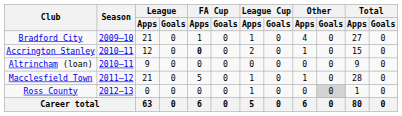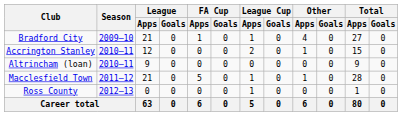 <table class="wikitable" style="text-align: center;">
 <tr>
 <th rowspan="2">Club</th>
 <th rowspan="2">Season</th>
 <th colspan="2">League</th>
 <th colspan="2">FA Cup</th>
 <th colspan="2">League Cup</th>
 <th colspan="2">Other</th>
 <th colspan="2">Total</th>
 </tr>
 <tr>
 <th>Apps</th>
 <th>Goals</th>
 <th>Apps</th>
 <th>Goals</th>
 <th>Apps</th>
 <th>Goals</th>
 <th>Apps</th>
 <th>Goals</th>
 <th>Apps</th>
 <th>Goals</th>
 </tr>
 <tr>
 <td rowspan="1" valign="center"><a href='#'>Bradford City</a></td>
 <td><a href='#'>2009–10</a></td>
 <td>21</td>
 <td>0</td>
 <td>1</td>
 <td>0</td>
 <td>1</td>
 <td>0</td>
 <td>4</td>
 <td>0</td>
 <td>27</td>
 <td>0</td>
 </tr>
 <tr>
 <td rowspan="1" valign="center"><a href='#'>Accrington Stanley</a></td>
 <td><a href='#'>2010–11</a></td>
 <td>12</td>
 <td>0</td>
-<td><strong>0</strong></td>
+<td>0</td>
 <td>0</td>
 <td>2</td>
 <td>0</td>
 <td>1</td>
 <td>0</td>
 <td>15</td>
 <td>0</td>
 </tr>
 <tr>
 <td rowspan="1" valign="center"><a href='#'>Altrincham</a> (loan)</td>
 <td><a href='#'>2010–11</a></td>
 <td>9</td>
 <td>0</td>
 <td>0</td>
 <td>0</td>
 <td>0</td>
 <td>0</td>
 <td>0</td>
 <td>0</td>
 <td>9</td>
 <td>0</td>
 </tr>
 <tr>
 <td rowspan="1" valign="center"><a href='#'>Macclesfield Town</a></td>
 <td><a href='#'>2011–12</a></td>
 <td>21</td>
 <td>0</td>
 <td>5</td>
 <td>0</td>
 <td>1</td>
 <td>0</td>
 <td>1</td>
 <td>0</td>
 <td>28</td>
 <td>0</td>
 </tr>
 <tr>
 <td rowspan="1" valign="center"><a href='#'>Ross County</a></td>
 <td><a href='#'>2012–13</a></td>
 <td>0</td>
 <td>0</td>
 <td>0</td>
 <td>0</td>
 <td>1</td>
 <td>0</td>
 <td>0</td>
-<td style="background: lightgrey;">0</td>
+<td>0</td>
 <td>1</td>
 <td>0</td>
 </tr>
 <tr>
 <th colspan="2">Career total</th>
 <th>63</th>
 <th>0</th>
 <th>6</th>
 <th>0</th>
 <th>5</th>
 <th>0</th>
 <th>6</th>
 <th>0</th>
 <th>80</th>
 <th>0</th>
 </tr>
 </table>
